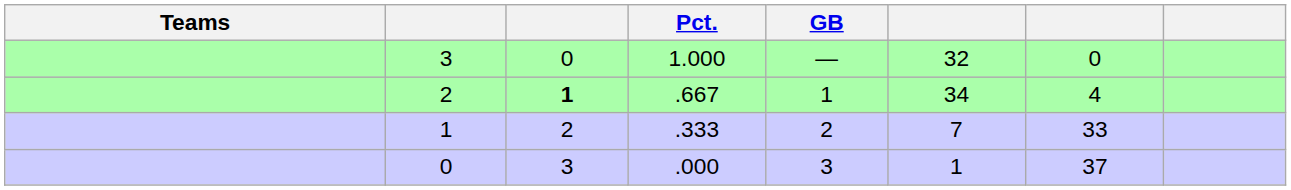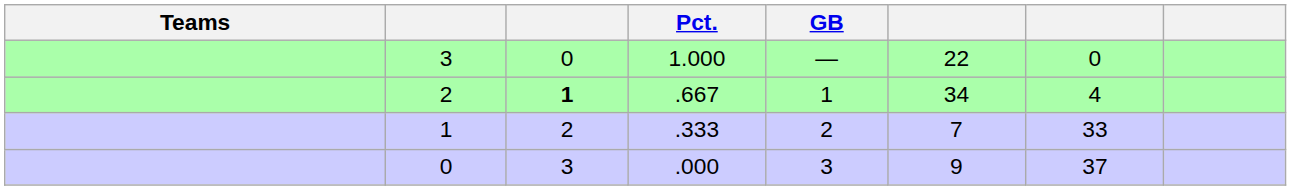 <table class="wikitable sortable" width="57%" style="text-align:center;">
 <tr>
 <th width="22%">Teams</th>
 <th width="7%"></th>
 <th width="7%"></th>
 <th width="8%"><a href='#'>Pct.</a></th>
 <th width="7%"><a href='#'>GB</a></th>
 <th width="8%"></th>
 <th width="8%"></th>
 <th width="7%"></th>
 </tr>
 <tr bgcolor=#aaffaa>
 <td align=left></td>
 <td>3</td>
 <td>0</td>
 <td>1.000</td>
 <td>—</td>
-<td>32</td>
+<td>22</td>
 <td>0</td>
 <td></td>
 </tr>
 <tr bgcolor=#aaffaa>
 <td align=left></td>
 <td>2</td>
 <td><strong>1</strong></td>
 <td>.667</td>
 <td>1</td>
 <td>34</td>
 <td>4</td>
 <td></td>
 </tr>
 <tr bgcolor=#ccccff>
 <td align=left></td>
 <td>1</td>
 <td>2</td>
 <td>.333</td>
 <td>2</td>
 <td>7</td>
 <td>33</td>
 <td></td>
 </tr>
 <tr bgcolor=#ccccff>
 <td align=left></td>
 <td>0</td>
 <td>3</td>
 <td>.000</td>
 <td>3</td>
-<td>1</td>
+<td>9</td>
 <td>37</td>
 <td></td>
 </tr>
 </table>
